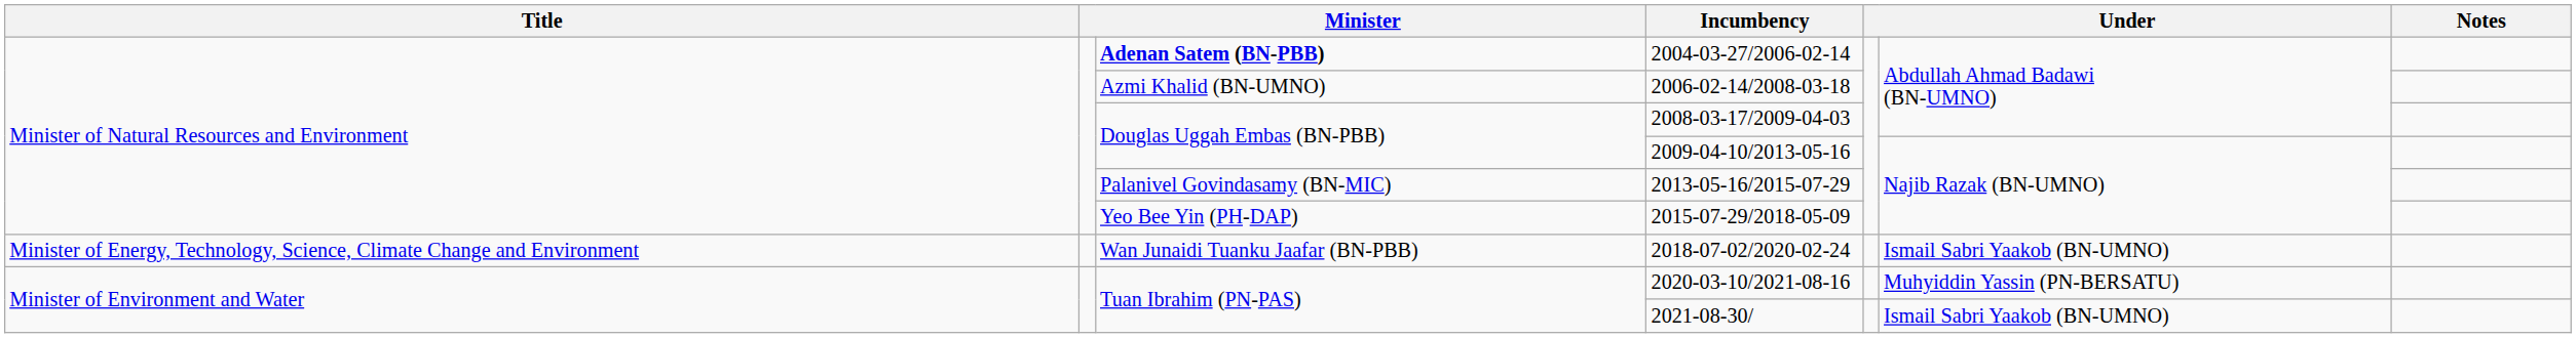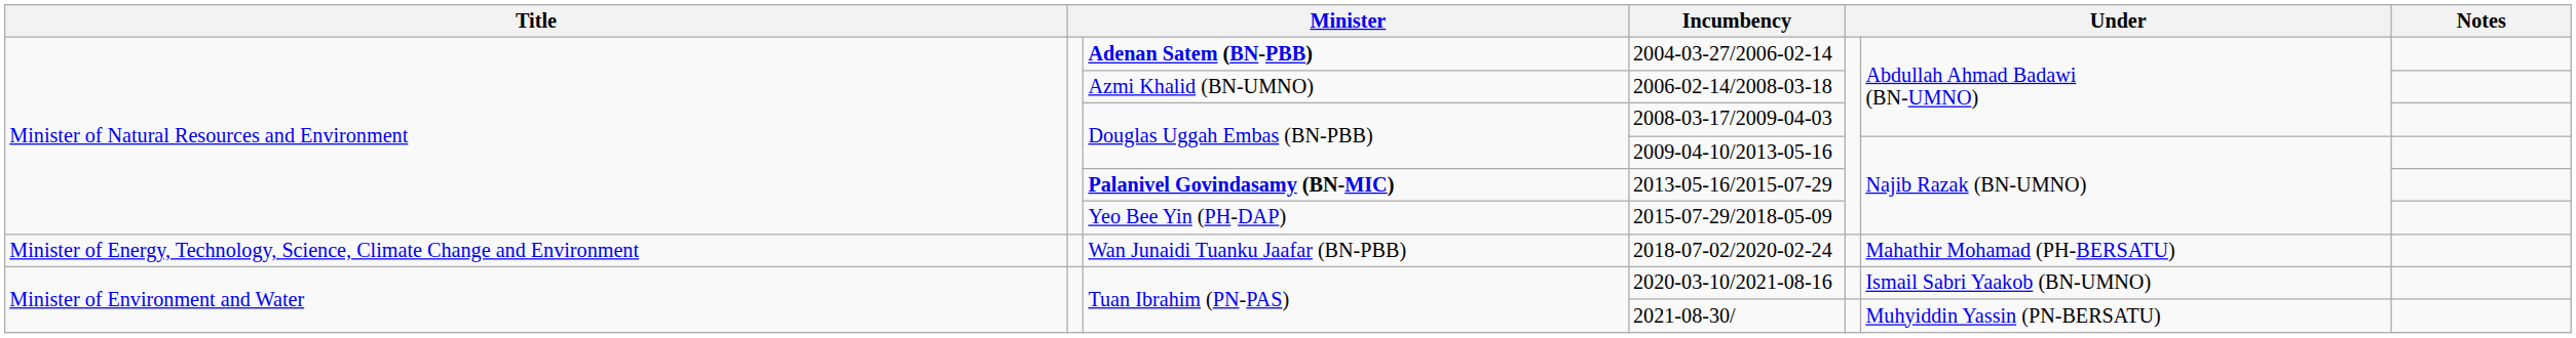 <table class="wikitable" width="100%">
 <tr>
 <th>Title</th>
 <th colspan="2" width="1px"><a href='#'>Minister</a></th>
 <th width="160px">Incumbency</th>
 <th colspan="2" width="1px">Under</th>
 <th width="7%">Notes</th>
 </tr>
 <tr>
 <td rowspan=6><a href='#'>Minister of Natural Resources and Environment</a></td>
 <td rowspan=6 style="background:"></td>
 <td><strong><a href='#'>Adenan Satem</a> (<a href='#'>BN</a>-<a href='#'>PBB</a>)</strong></td>
 <td>2004-03-27/2006-02-14</td>
 <td rowspan=6 style="background:"></td>
 <td rowspan=3><a href='#'>Abdullah Ahmad Badawi</a><br>(BN-<a href='#'>UMNO</a>)</td>
 <td></td>
 </tr>
 <tr>
 <td><a href='#'>Azmi Khalid</a> (BN-UMNO)</td>
 <td>2006-02-14/2008-03-18</td>
 <td></td>
 </tr>
 <tr>
 <td rowspan="2"><a href='#'>Douglas Uggah Embas</a> (BN-PBB)</td>
 <td>2008-03-17/2009-04-03</td>
 <td></td>
 </tr>
 <tr>
 <td>2009-04-10/2013-05-16</td>
 <td rowspan="3"><a href='#'>Najib Razak</a> (BN-UMNO)</td>
 <td></td>
 </tr>
 <tr>
-<td><a href='#'>Palanivel Govindasamy</a> (BN-<a href='#'>MIC</a>)</td>
+<td><strong><a href='#'>Palanivel Govindasamy</a> (BN-<a href='#'>MIC</a>)</strong></td>
 <td>2013-05-16/2015-07-29</td>
 <td></td>
 </tr>
 <tr>
 <td><a href='#'>Yeo Bee Yin</a> (<a href='#'>PH</a>-<a href='#'>DAP</a>)</td>
 <td>2015-07-29/2018-05-09</td>
 <td></td>
 </tr>
 <tr>
 <td><a href='#'>Minister of Energy, Technology, Science, Climate Change and Environment</a></td>
 <td style="background:"></td>
 <td><a href='#'>Wan Junaidi Tuanku Jaafar</a> (BN-PBB)</td>
 <td>2018-07-02/2020-02-24</td>
 <td style="background:"></td>
-<td><a href='#'>Ismail Sabri Yaakob</a> (BN-UMNO)</td>
+<td><a href='#'>Mahathir Mohamad</a> (PH-<a href='#'>BERSATU</a>)</td>
 <td></td>
 </tr>
 <tr>
 <td rowspan="2"><a href='#'>Minister of Environment and Water</a></td>
 <td rowspan="2" style="background:"></td>
 <td rowspan="2"><a href='#'>Tuan Ibrahim</a> (<a href='#'>PN</a>-<a href='#'>PAS</a>)</td>
 <td>2020-03-10/2021-08-16</td>
 <td style="background:"></td>
-<td><a href='#'>Muhyiddin Yassin</a> (PN-BERSATU)</td>
+<td><a href='#'>Ismail Sabri Yaakob</a> (BN-UMNO)</td>
 <td></td>
 </tr>
 <tr>
 <td>2021-08-30/</td>
 <td style="background:"></td>
-<td><a href='#'>Ismail Sabri Yaakob</a> (BN-UMNO)</td>
+<td><a href='#'>Muhyiddin Yassin</a> (PN-BERSATU)</td>
 <td></td>
 </tr>
 </table>
